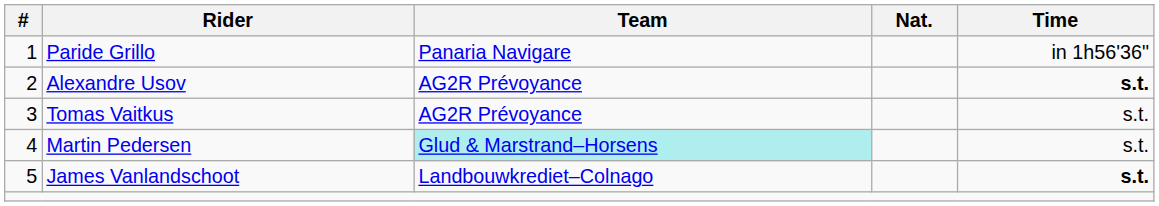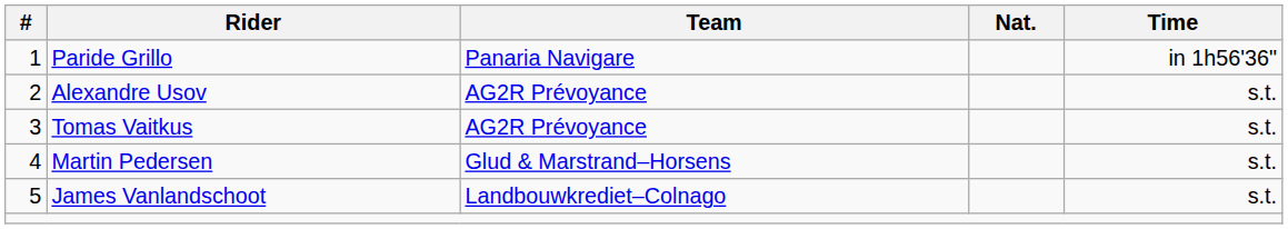 <table class=wikitable style="font-size:95%" width="70%">
 <tr>
 <th align=right>#</th>
 <th>Rider</th>
 <th>Team</th>
 <th>Nat.</th>
 <th align=right>Time</th>
 </tr>
 <tr>
 <td align=right>1</td>
 <td><a href='#'>Paride Grillo</a></td>
 <td><a href='#'>Panaria Navigare</a></td>
 <td></td>
 <td align=right>in 1h56'36"</td>
 </tr>
 <tr>
 <td align=right>2</td>
 <td><a href='#'>Alexandre Usov</a></td>
 <td><a href='#'>AG2R Prévoyance</a></td>
 <td></td>
-<td align=right><strong>s.t.</strong></td>
+<td align=right>s.t.</td>
 </tr>
 <tr>
 <td align=right>3</td>
 <td><a href='#'>Tomas Vaitkus</a></td>
 <td><a href='#'>AG2R Prévoyance</a></td>
 <td></td>
 <td align=right>s.t.</td>
 </tr>
 <tr>
 <td align=right>4</td>
 <td><a href='#'>Martin Pedersen</a></td>
-<td style="background: paleturquoise;"><a href='#'>Glud & Marstrand–Horsens</a></td>
+<td><a href='#'>Glud & Marstrand–Horsens</a></td>
 <td></td>
 <td align=right>s.t.</td>
 </tr>
 <tr>
 <td align=right>5</td>
 <td><a href='#'>James Vanlandschoot</a></td>
 <td><a href='#'>Landbouwkrediet–Colnago</a></td>
 <td></td>
-<td align=right><strong>s.t.</strong></td>
+<td align=right>s.t.</td>
 </tr>
 <tr>
 <td align=right colspan=5></td>
 </tr>
 </table>
